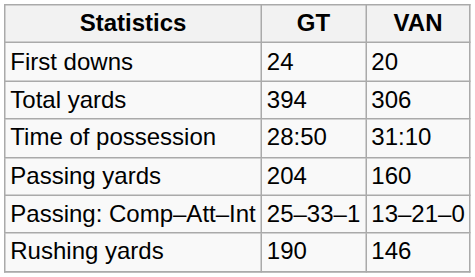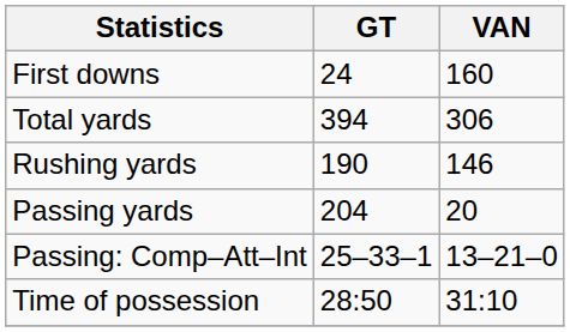 <table class="wikitable" style="float: left;">
 <tr>
 <th>Statistics</th>
 <th>GT</th>
 <th>VAN</th>
 </tr>
 <tr>
 <td>First downs</td>
 <td>24</td>
-<td>20</td>
+<td>160</td>
 </tr>
 <tr>
 <td>Total yards</td>
 <td>394</td>
 <td>306</td>
 </tr>
 <tr>
-<td>Time of possession</td>
-<td>28:50</td>
-<td>31:10</td>
+<td>Rushing yards</td>
+<td>190</td>
+<td>146</td>
 </tr>
 <tr>
 <td>Passing yards</td>
 <td>204</td>
-<td>160</td>
+<td>20</td>
 </tr>
 <tr>
 <td>Passing: Comp–Att–Int</td>
 <td>25–33–1</td>
 <td>13–21–0</td>
 </tr>
 <tr>
-<td>Rushing yards</td>
-<td>190</td>
-<td>146</td>
+<td>Time of possession</td>
+<td>28:50</td>
+<td>31:10</td>
 </tr>
 <tr>
 </tr>
 </table>
